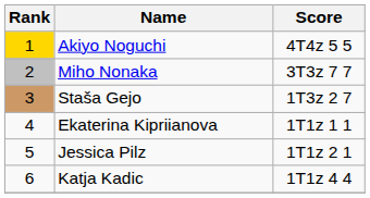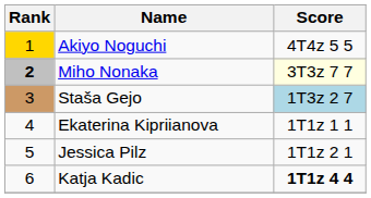 <table class="wikitable">
 <tr>
 <th>Rank</th>
 <th width = "200">Name</th>
 <th width = "80">Score</th>
 </tr>
 <tr>
 <td align="center" style="background: gold">1</td>
 <td> <a href='#'>Akiyo Noguchi</a></td>
 <td align="center">4T4z 5 5</td>
 </tr>
 <tr>
-<td align="center" style="background: silver">2</td>
+<td align="center" style="background: silver"><strong>2</strong></td>
 <td> <a href='#'>Miho Nonaka</a></td>
-<td align="center">3T3z 7 7</td>
+<td align="center" style="background: lightyellow;">3T3z 7 7</td>
 </tr>
 <tr>
 <td align="center" style="background: #cc9966">3</td>
 <td> Staša Gejo</td>
-<td align="center">1T3z 2 7</td>
+<td align="center" style="background: lightblue;">1T3z 2 7</td>
 </tr>
 <tr>
 <td align="center">4</td>
 <td> Ekaterina Kipriianova</td>
 <td align="center">1T1z 1 1</td>
 </tr>
 <tr>
 <td align="center">5</td>
 <td> Jessica Pilz</td>
 <td align="center">1T1z 2 1</td>
 </tr>
 <tr>
 <td align="center">6</td>
 <td> Katja Kadic</td>
-<td align="center">1T1z 4 4</td>
+<td align="center"><strong>1T1z 4 4</strong></td>
 </tr>
 <tr>
 </tr>
 </table>
